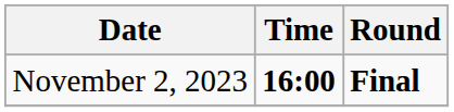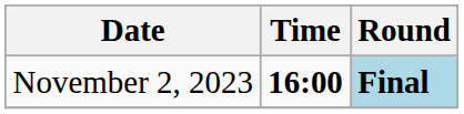 <table class="wikitable">
 <tr>
 <th>Date</th>
 <th>Time</th>
 <th>Round</th>
 </tr>
 <tr>
 <td>November 2, 2023</td>
 <td><strong>16:00</strong></td>
-<td><strong>Final</strong></td>
+<td style="background: lightblue;"><strong>Final</strong></td>
 </tr>
 <tr>
 </tr>
 </table>
